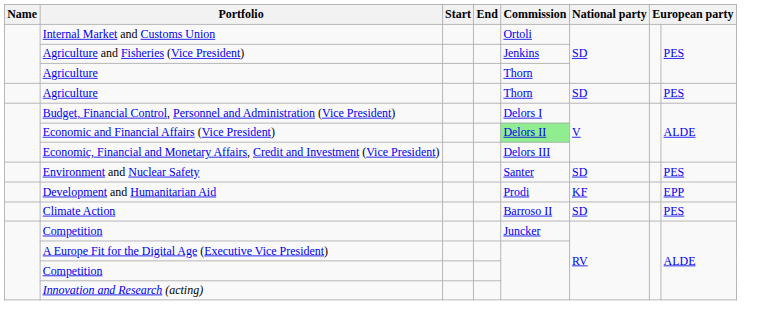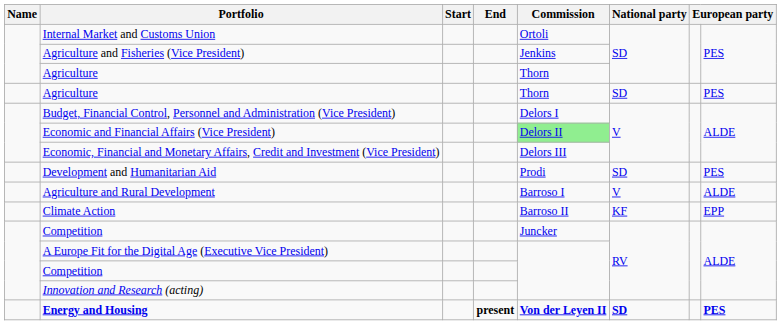 <table class="wikitable sortable" style="font-size: 90%;">
 <tr>
 <th>Name</th>
 <th>Portfolio</th>
 <th>Start</th>
 <th>End</th>
 <th>Commission</th>
 <th>National party</th>
 <th colspan=2>European party</th>
 </tr>
 <tr>
 <td rowspan=3></td>
 <td><a href='#'>Internal Market</a> and <a href='#'>Customs Union</a></td>
 <td></td>
 <td></td>
 <td><a href='#'>Ortoli</a></td>
 <td rowspan=3><a href='#'>SD</a></td>
 <td rowspan=3 style="background:"></td>
 <td rowspan=3><a href='#'>PES</a></td>
 </tr>
 <tr>
 <td><a href='#'>Agriculture</a> and <a href='#'>Fisheries</a> (<a href='#'>Vice President</a>)</td>
 <td></td>
 <td></td>
 <td><a href='#'>Jenkins</a></td>
 </tr>
 <tr>
 <td><a href='#'>Agriculture</a></td>
 <td></td>
 <td></td>
 <td><a href='#'>Thorn</a></td>
 </tr>
 <tr>
 <td></td>
 <td><a href='#'>Agriculture</a></td>
 <td></td>
 <td></td>
 <td><a href='#'>Thorn</a></td>
 <td><a href='#'>SD</a></td>
 <td style="background:"></td>
 <td><a href='#'>PES</a></td>
 </tr>
 <tr>
 <td rowspan=3></td>
 <td><a href='#'>Budget, Financial Control</a>, <a href='#'>Personnel and Administration</a> (<a href='#'>Vice President</a>)</td>
 <td></td>
 <td></td>
 <td><a href='#'>Delors I</a></td>
 <td rowspan=3><a href='#'>V</a></td>
 <td rowspan=3 style="background:"></td>
 <td rowspan=3><a href='#'>ALDE</a></td>
 </tr>
 <tr>
 <td><a href='#'>Economic and Financial Affairs</a> (<a href='#'>Vice President</a>)</td>
 <td></td>
 <td></td>
 <td style="background: lightgreen;"><a href='#'>Delors II</a></td>
 </tr>
 <tr>
 <td><a href='#'>Economic, Financial and Monetary Affairs</a>, <a href='#'>Credit and Investment</a> (<a href='#'>Vice President</a>)</td>
 <td></td>
 <td></td>
 <td><a href='#'>Delors III</a></td>
 </tr>
 <tr>
 <td></td>
-<td><a href='#'>Environment</a> and <a href='#'>Nuclear Safety</a></td>
+<td><a href='#'>Development</a> and <a href='#'>Humanitarian Aid</a></td>
 <td></td>
 <td></td>
-<td><a href='#'>Santer</a></td>
+<td><a href='#'>Prodi</a></td>
 <td><a href='#'>SD</a></td>
 <td style="background:"></td>
 <td><a href='#'>PES</a></td>
 </tr>
 <tr>
 <td></td>
-<td><a href='#'>Development</a> and <a href='#'>Humanitarian Aid</a></td>
+<td><a href='#'>Agriculture and Rural Development</a></td>
 <td></td>
 <td></td>
-<td><a href='#'>Prodi</a></td>
-<td><a href='#'>KF</a></td>
+<td><a href='#'>Barroso I</a></td>
+<td><a href='#'>V</a></td>
 <td style="background:"></td>
-<td><a href='#'>EPP</a></td>
+<td><a href='#'>ALDE</a></td>
 </tr>
 <tr>
 <td></td>
 <td><a href='#'>Climate Action</a></td>
 <td></td>
 <td></td>
 <td><a href='#'>Barroso II</a></td>
-<td><a href='#'>SD</a></td>
+<td><a href='#'>KF</a></td>
 <td style="background:"></td>
-<td><a href='#'>PES</a></td>
+<td><a href='#'>EPP</a></td>
 </tr>
 <tr>
 <td rowspan=4></td>
 <td><a href='#'>Competition</a></td>
 <td></td>
 <td></td>
 <td><a href='#'>Juncker</a></td>
 <td rowspan=4><a href='#'>RV</a></td>
 <td rowspan=4 style="background:"></td>
 <td rowspan=4><a href='#'>ALDE</a></td>
 </tr>
 <tr>
 <td><a href='#'>A Europe Fit for the Digital Age</a> (<a href='#'>Executive Vice President</a>)</td>
 <td></td>
 <td></td>
 <td rowspan=3></td>
 </tr>
 <tr>
 <td><a href='#'>Competition</a></td>
 <td></td>
 <td></td>
 </tr>
 <tr>
 <td><em><a href='#'>Innovation and Research</a> (acting)</em></td>
 <td><em></em></td>
 <td><em></em></td>
 </tr>
+<tr>
+<td><strong></strong></td>
+<td><strong><a href='#'>Energy and Housing</a></strong></td>
+<td><strong></strong></td>
+<td><strong>present</strong></td>
+<td><strong><a href='#'>Von der Leyen II</a></strong></td>
+<td><strong><a href='#'>SD</a></strong></td>
+<td style="background:"></td>
+<td><strong><a href='#'>PES</a></strong></td>
+</tr>
 </table>
